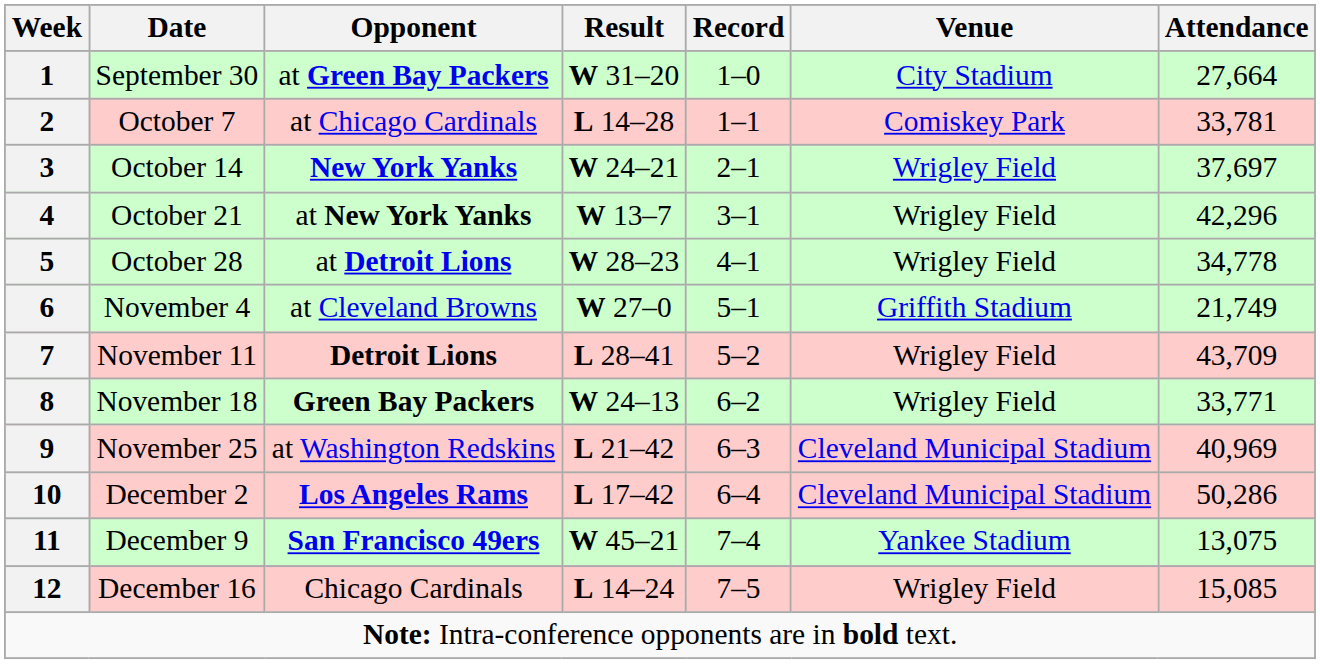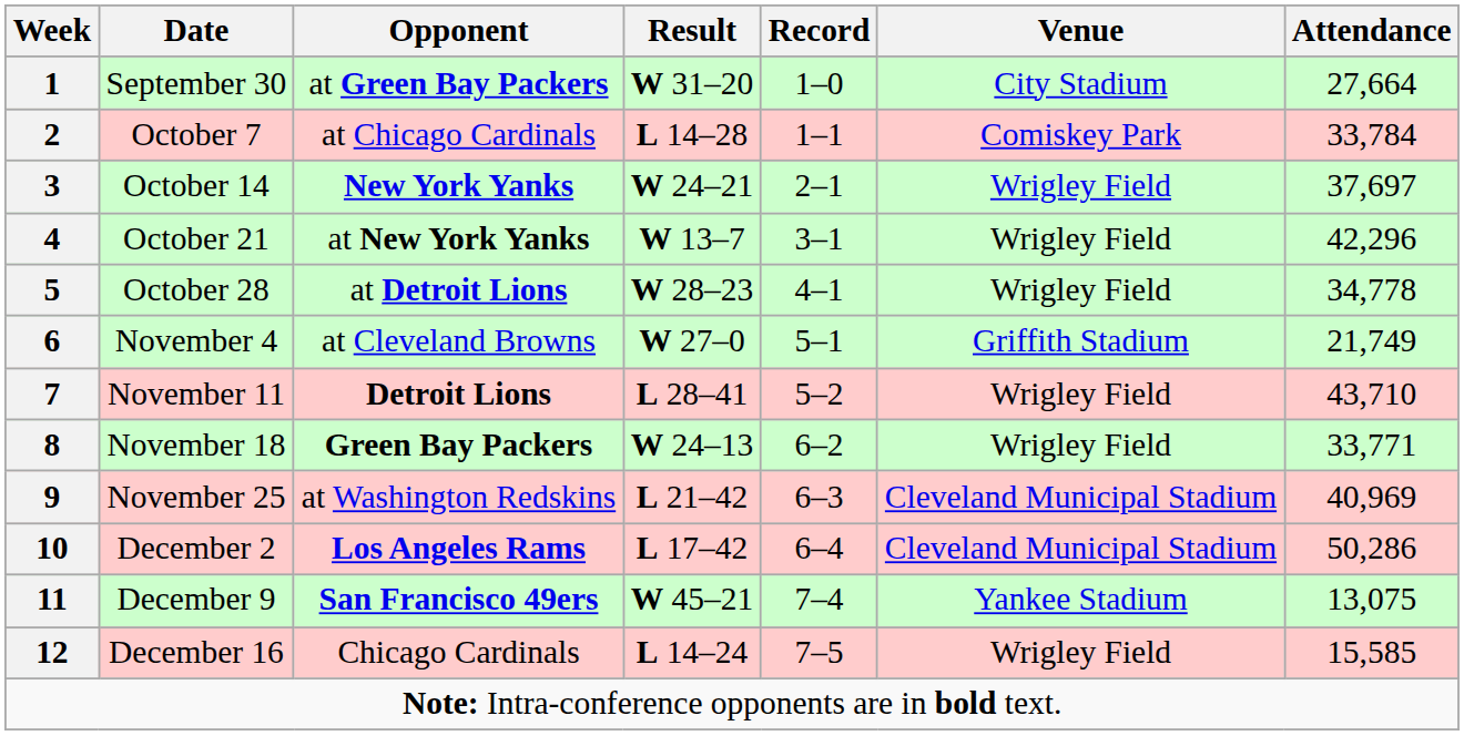 <table class="wikitable" style="text-align:center">
 <tr>
 <th>Week</th>
 <th>Date</th>
 <th>Opponent</th>
 <th>Result</th>
 <th>Record</th>
 <th>Venue</th>
 <th>Attendance</th>
 </tr>
 <tr style="background:#cfc">
 <th>1</th>
 <td>September 30</td>
 <td>at <strong><a href='#'>Green Bay Packers</a></strong></td>
 <td><strong>W</strong> 31–20</td>
 <td>1–0</td>
 <td><a href='#'>City Stadium</a></td>
 <td>27,664</td>
 </tr>
 <tr style="background:#fcc">
 <th>2</th>
 <td>October 7</td>
 <td>at <a href='#'>Chicago Cardinals</a></td>
 <td><strong>L</strong> 14–28</td>
 <td>1–1</td>
 <td><a href='#'>Comiskey Park</a></td>
-<td>33,781</td>
+<td>33,784</td>
 </tr>
 <tr style="background:#cfc">
 <th>3</th>
 <td>October 14</td>
 <td><strong><a href='#'>New York Yanks</a></strong></td>
 <td><strong>W</strong> 24–21</td>
 <td>2–1</td>
 <td><a href='#'>Wrigley Field</a></td>
 <td>37,697</td>
 </tr>
 <tr style="background:#cfc">
 <th>4</th>
 <td>October 21</td>
 <td>at <strong>New York Yanks</strong></td>
 <td><strong>W</strong> 13–7</td>
 <td>3–1</td>
 <td>Wrigley Field</td>
 <td>42,296</td>
 </tr>
 <tr style="background:#cfc">
 <th>5</th>
 <td>October 28</td>
 <td>at <strong><a href='#'>Detroit Lions</a></strong></td>
 <td><strong>W</strong> 28–23</td>
 <td>4–1</td>
 <td>Wrigley Field</td>
 <td>34,778</td>
 </tr>
 <tr style="background:#cfc">
 <th>6</th>
 <td>November 4</td>
 <td>at <a href='#'>Cleveland Browns</a></td>
 <td><strong>W</strong> 27–0</td>
 <td>5–1</td>
 <td><a href='#'>Griffith Stadium</a></td>
 <td>21,749</td>
 </tr>
 <tr style="background:#fcc">
 <th>7</th>
 <td>November 11</td>
 <td><strong>Detroit Lions</strong></td>
 <td><strong>L</strong> 28–41</td>
 <td>5–2</td>
 <td>Wrigley Field</td>
-<td>43,709</td>
+<td>43,710</td>
 </tr>
 <tr style="background:#cfc">
 <th>8</th>
 <td>November 18</td>
 <td><strong>Green Bay Packers</strong></td>
 <td><strong>W</strong> 24–13</td>
 <td>6–2</td>
 <td>Wrigley Field</td>
 <td>33,771</td>
 </tr>
 <tr style="background:#fcc">
 <th>9</th>
 <td>November 25</td>
 <td>at <a href='#'>Washington Redskins</a></td>
 <td><strong>L</strong> 21–42</td>
 <td>6–3</td>
 <td><a href='#'>Cleveland Municipal Stadium</a></td>
 <td>40,969</td>
 </tr>
 <tr style="background:#fcc">
 <th>10</th>
 <td>December 2</td>
 <td><strong><a href='#'>Los Angeles Rams</a></strong></td>
 <td><strong>L</strong> 17–42</td>
 <td>6–4</td>
 <td><a href='#'>Cleveland Municipal Stadium</a></td>
 <td>50,286</td>
 </tr>
 <tr style="background:#cfc">
 <th>11</th>
 <td>December 9</td>
 <td><strong><a href='#'>San Francisco 49ers</a></strong></td>
 <td><strong>W</strong> 45–21</td>
 <td>7–4</td>
 <td><a href='#'>Yankee Stadium</a></td>
 <td>13,075</td>
 </tr>
 <tr style="background:#fcc">
 <th>12</th>
 <td>December 16</td>
 <td>Chicago Cardinals</td>
 <td><strong>L</strong> 14–24</td>
 <td>7–5</td>
 <td>Wrigley Field</td>
-<td>15,085</td>
+<td>15,585</td>
 </tr>
 <tr>
 <td colspan="8"><strong>Note:</strong> Intra-conference opponents are in <strong>bold</strong> text.</td>
 </tr>
 </table>
